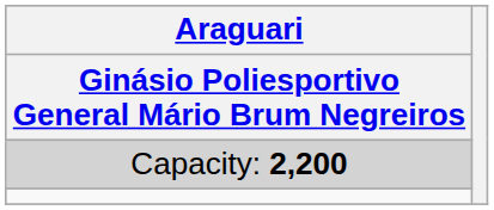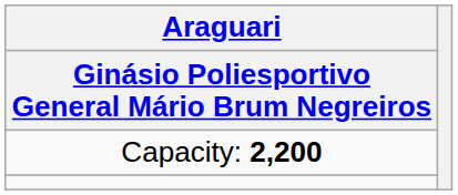 <table class="wikitable floatright" style="text-align:center";>
 <tr>
 <th><a href='#'>Araguari</a></th>
 <th rowspan=4></th>
 </tr>
 <tr>
 <th><a href='#'>Ginásio Poliesportivo<br>General Mário Brum Negreiros</a></th>
 </tr>
 <tr>
-<td style="background: lightgrey;">Capacity: <strong>2,200</strong></td>
+<td>Capacity: <strong>2,200</strong></td>
 </tr>
 <tr>
 <td></td>
 </tr>
 </table>
